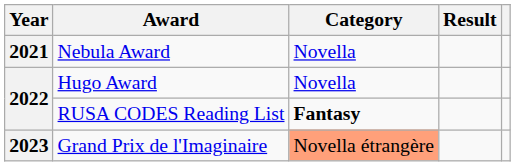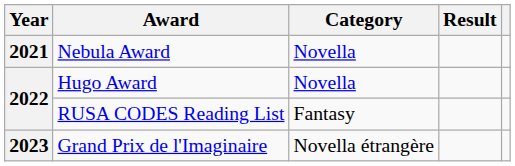 <table class="wikitable sortable">
 <tr>
 <th>Year</th>
 <th>Award</th>
 <th>Category</th>
 <th>Result</th>
 <th></th>
 </tr>
 <tr>
 <th>2021</th>
 <td><a href='#'>Nebula Award</a></td>
 <td><a href='#'>Novella</a></td>
 <td></td>
 <td></td>
 </tr>
 <tr>
 <th rowspan="2">2022</th>
 <td><a href='#'>Hugo Award</a></td>
 <td><a href='#'>Novella</a></td>
 <td></td>
 <td></td>
 </tr>
 <tr>
 <td><a href='#'>RUSA CODES Reading List</a></td>
-<td><strong>Fantasy</strong></td>
+<td>Fantasy</td>
 <td></td>
 <td></td>
 </tr>
 <tr>
 <th>2023</th>
 <td><a href='#'>Grand Prix de l'Imaginaire</a></td>
-<td style="background: lightsalmon;">Novella étrangère</td>
+<td>Novella étrangère</td>
 <td></td>
 <td></td>
 </tr>
 </table>
